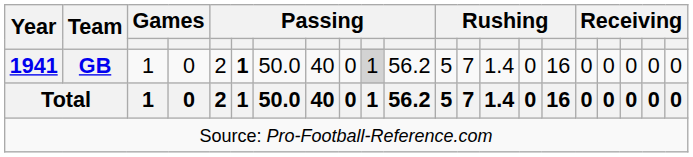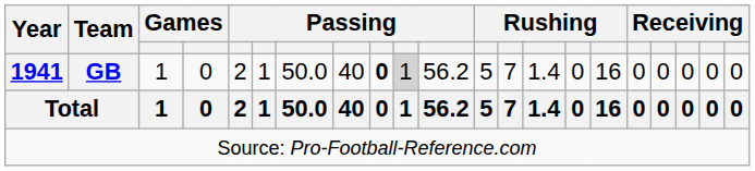 <table class="wikitable" style="text-align: center;">
 <tr>
 <th rowspan=2>Year</th>
 <th rowspan=2>Team</th>
 <th colspan=2>Games</th>
 <th colspan=7>Passing</th>
 <th colspan=5>Rushing</th>
 <th colspan=5>Receiving</th>
 </tr>
 <tr>
 <th></th>
 <th></th>
 <th></th>
 <th></th>
 <th></th>
 <th></th>
 <th></th>
 <th></th>
 <th><a href='#'></a></th>
 <th></th>
 <th></th>
 <th></th>
 <th></th>
 <th></th>
 <th></th>
 <th></th>
 <th></th>
 <th></th>
 <th></th>
 </tr>
 <tr>
 <th><a href='#'>1941</a></th>
 <th><a href='#'>GB</a></th>
 <td>1</td>
 <td>0</td>
 <td>2</td>
-<td><strong>1</strong></td>
+<td>1</td>
 <td>50.0</td>
 <td>40</td>
-<td>0</td>
+<td><strong>0</strong></td>
 <td style="background: lightgrey;">1</td>
 <td>56.2</td>
 <td>5</td>
 <td>7</td>
 <td>1.4</td>
 <td>0</td>
 <td>16</td>
 <td>0</td>
 <td>0</td>
 <td>0</td>
 <td>0</td>
 <td>0</td>
 </tr>
 <tr>
 <th colspan=2>Total</th>
 <th>1</th>
 <th>0</th>
 <th>2</th>
 <th>1</th>
 <th>50.0</th>
 <th>40</th>
 <th>0</th>
 <th>1</th>
 <th>56.2</th>
 <th>5</th>
 <th>7</th>
 <th>1.4</th>
 <th>0</th>
 <th>16</th>
 <th>0</th>
 <th>0</th>
 <th>0</th>
 <th>0</th>
 <th>0</th>
 </tr>
 <tr>
 <td colspan=23><small>Source: <em>Pro-Football-Reference.com</em></small> </td>
 </tr>
 </table>
